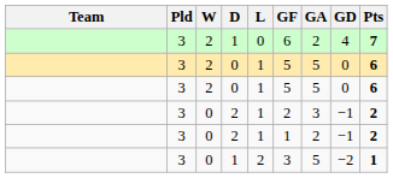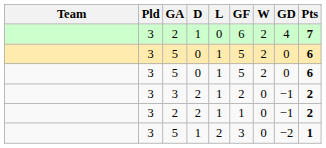 <table class="wikitable" style="text-align:center">
 <tr>
 <th width=165>Team</th>
 <th width=20>Pld</th>
-<th width=20>W</th>
+<th width=20>GA</th>
 <th width=20>D</th>
 <th width=20>L</th>
 <th width=20>GF</th>
-<th width=20>GA</th>
+<th width=20>W</th>
 <th width=20>GD</th>
 <th width=20>Pts</th>
 </tr>
 <tr bgcolor="#ccffcc">
 <td align="left"></td>
 <td>3</td>
 <td>2</td>
 <td>1</td>
 <td>0</td>
 <td>6</td>
 <td>2</td>
 <td>4</td>
 <td><strong>7</strong></td>
 </tr>
 <tr bgcolor="#ffebad">
 <td align="left"></td>
 <td>3</td>
-<td>2</td>
+<td>5</td>
 <td>0</td>
 <td>1</td>
 <td>5</td>
-<td>5</td>
+<td>2</td>
 <td>0</td>
 <td><strong>6</strong></td>
 </tr>
 <tr>
 <td align="left"></td>
 <td>3</td>
-<td>2</td>
+<td>5</td>
 <td>0</td>
 <td>1</td>
 <td>5</td>
-<td>5</td>
+<td>2</td>
 <td>0</td>
 <td><strong>6</strong></td>
 </tr>
 <tr>
 <td align="left"></td>
 <td>3</td>
-<td>0</td>
+<td>3</td>
 <td>2</td>
 <td>1</td>
 <td>2</td>
-<td>3</td>
+<td>0</td>
 <td>−1</td>
 <td><strong>2</strong></td>
 </tr>
 <tr>
 <td align="left"></td>
 <td>3</td>
-<td>0</td>
+<td>2</td>
 <td>2</td>
 <td>1</td>
 <td>1</td>
-<td>2</td>
+<td>0</td>
 <td>−1</td>
 <td><strong>2</strong></td>
 </tr>
 <tr>
 <td align="left"></td>
 <td>3</td>
-<td>0</td>
+<td>5</td>
 <td>1</td>
 <td>2</td>
 <td>3</td>
-<td>5</td>
+<td>0</td>
 <td>−2</td>
 <td><strong>1</strong></td>
 </tr>
 </table>
